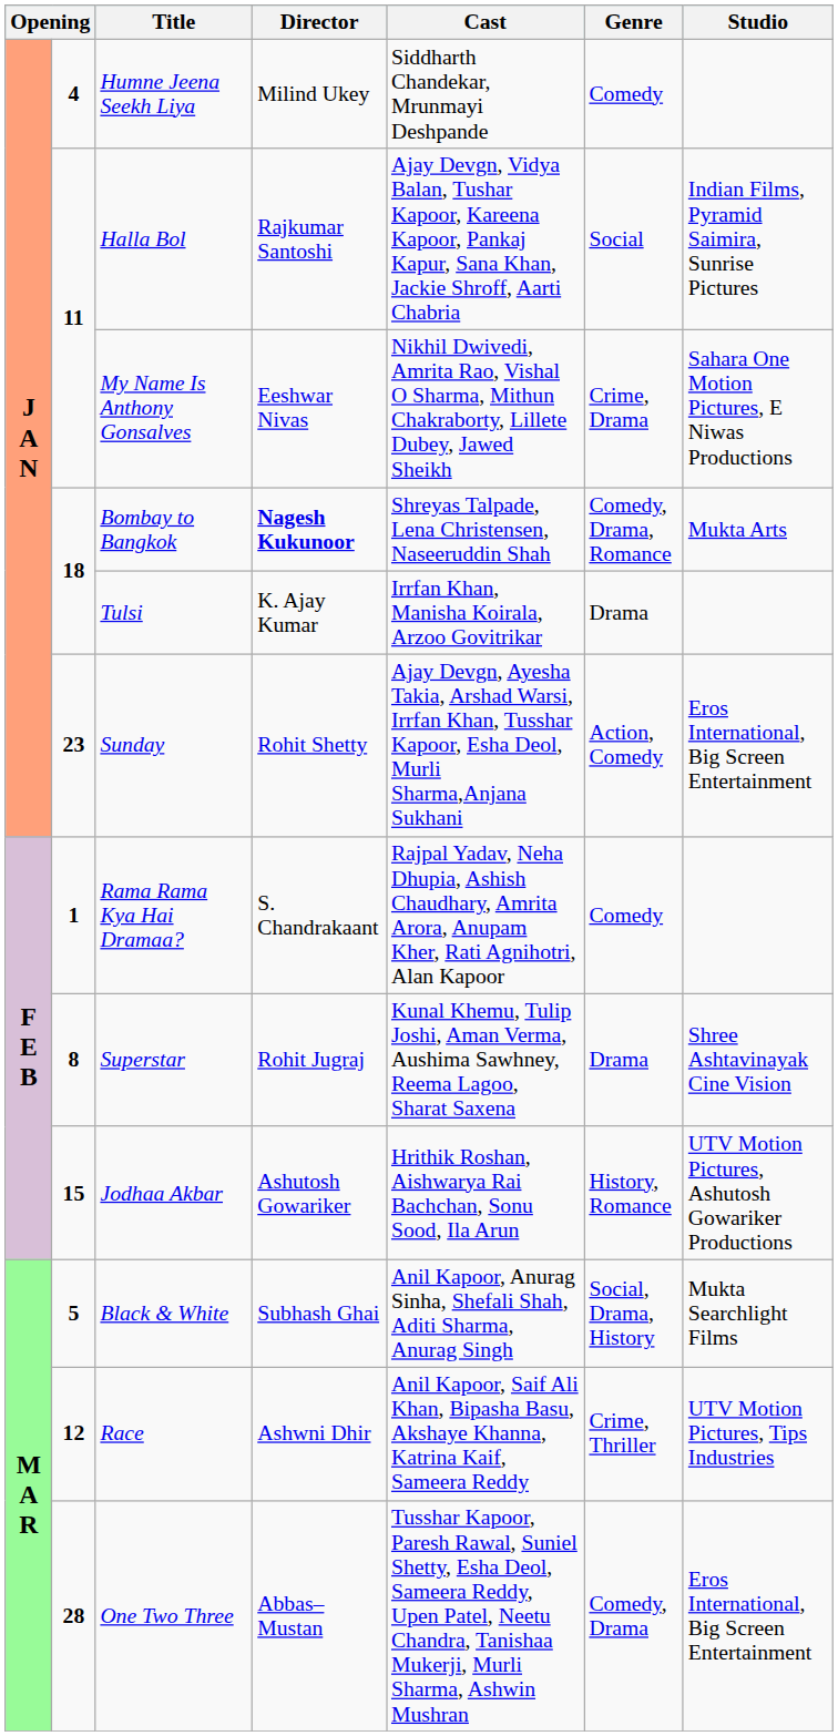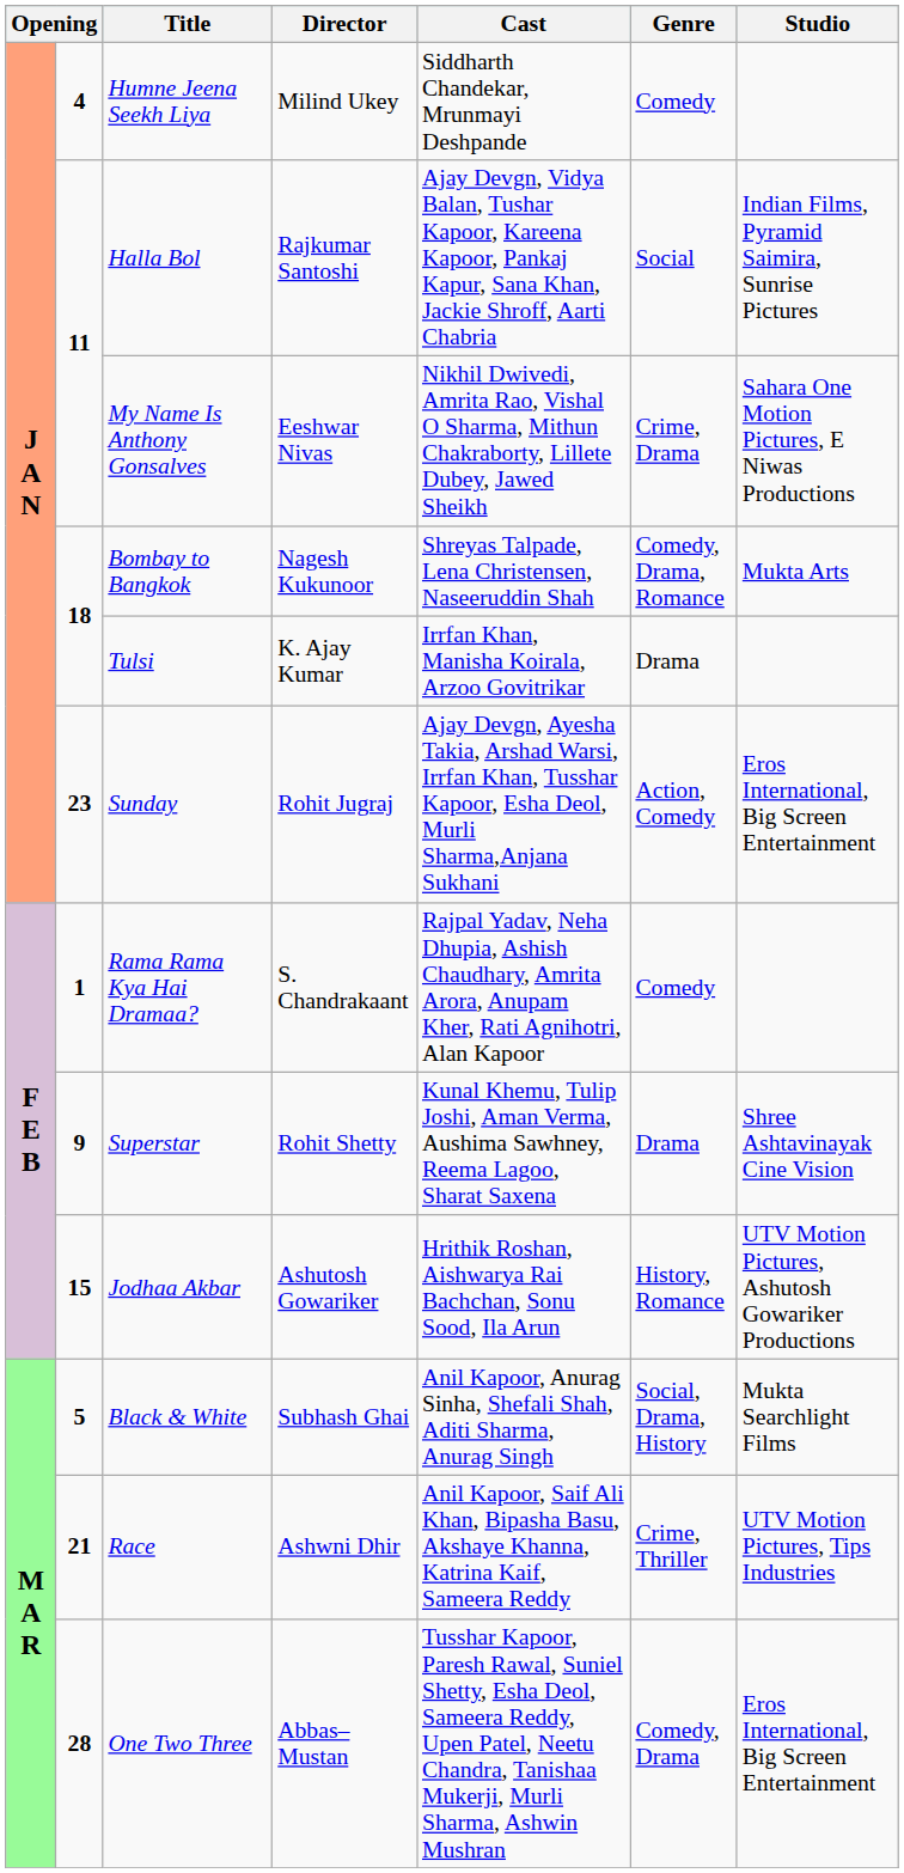 <table class="wikitable">
 <tr style="background:#b0e0e6; text-align:center;">
 <th colspan="2"><strong>Opening</strong></th>
 <th style="width:19%;"><strong>Title</strong></th>
 <th><strong>Director</strong></th>
 <th><strong>Cast</strong></th>
 <th><strong>Genre</strong></th>
 <th><strong>Studio</strong></th>
 </tr>
 <tr>
 <td rowspan="6"   style="text-align:center; background:#ffa07a; textcolor:#000;"><big><strong>J<br>A<br>N</strong></big></td>
 <td style="text-align:center;"><strong>4</strong></td>
 <td><em><a href='#'>Humne Jeena Seekh Liya</a></em></td>
 <td>Milind Ukey</td>
 <td>Siddharth Chandekar, Mrunmayi Deshpande</td>
 <td><a href='#'>Comedy</a></td>
 <td></td>
 </tr>
 <tr>
 <td rowspan="2" style="text-align:center;"><strong>11</strong></td>
 <td><em><a href='#'>Halla Bol</a></em></td>
 <td><a href='#'>Rajkumar Santoshi</a></td>
 <td><a href='#'>Ajay Devgn</a>, <a href='#'>Vidya Balan</a>, <a href='#'>Tushar Kapoor</a>, <a href='#'>Kareena Kapoor</a>, <a href='#'>Pankaj Kapur</a>, <a href='#'>Sana Khan</a>, <a href='#'>Jackie Shroff</a>, <a href='#'>Aarti Chabria</a></td>
 <td><a href='#'>Social</a></td>
 <td><a href='#'>Indian Films</a>, <a href='#'>Pyramid Saimira</a>, Sunrise Pictures</td>
 </tr>
 <tr>
 <td><em><a href='#'>My Name Is Anthony Gonsalves</a></em></td>
 <td><a href='#'>Eeshwar Nivas</a></td>
 <td><a href='#'>Nikhil Dwivedi</a>, <a href='#'>Amrita Rao</a>, <a href='#'>Vishal O Sharma</a>, <a href='#'>Mithun Chakraborty</a>, <a href='#'>Lillete Dubey</a>, <a href='#'>Jawed Sheikh</a></td>
 <td><a href='#'>Crime</a>, <a href='#'>Drama</a></td>
 <td><a href='#'>Sahara One Motion Pictures</a>, E Niwas Productions</td>
 </tr>
 <tr>
 <td rowspan="2" style="text-align:center;"><strong>18</strong></td>
 <td><em><a href='#'>Bombay to Bangkok</a></em></td>
-<td><strong><a href='#'>Nagesh Kukunoor</a></strong></td>
+<td><a href='#'>Nagesh Kukunoor</a></td>
 <td><a href='#'>Shreyas Talpade</a>, <a href='#'>Lena Christensen</a>, <a href='#'>Naseeruddin Shah</a></td>
 <td><a href='#'>Comedy</a>, <a href='#'>Drama</a>, <a href='#'>Romance</a></td>
 <td><a href='#'>Mukta Arts</a></td>
 </tr>
 <tr>
 <td><em><a href='#'>Tulsi</a></em></td>
 <td>K. Ajay Kumar</td>
 <td><a href='#'>Irrfan Khan</a>, <a href='#'>Manisha Koirala</a>, <a href='#'>Arzoo Govitrikar</a></td>
 <td>Drama</td>
 <td></td>
 </tr>
 <tr>
 <td style="text-align:center;"><strong>23</strong></td>
 <td><em><a href='#'>Sunday</a></em></td>
-<td><a href='#'>Rohit Shetty</a></td>
+<td><a href='#'>Rohit Jugraj</a></td>
 <td><a href='#'>Ajay Devgn</a>, <a href='#'>Ayesha Takia</a>, <a href='#'>Arshad Warsi</a>, <a href='#'>Irrfan Khan</a>, <a href='#'>Tusshar Kapoor</a>, <a href='#'>Esha Deol</a>, <a href='#'>Murli Sharma</a>,<a href='#'>Anjana Sukhani</a></td>
 <td><a href='#'>Action</a>, <a href='#'>Comedy</a></td>
 <td><a href='#'>Eros International</a>, Big Screen Entertainment</td>
 </tr>
 <tr>
 <td rowspan="3"   style="text-align:center; background:thistle; textcolor:#000;"><big><strong>F<br>E<br>B</strong></big></td>
 <td style="text-align:center;"><strong>1</strong></td>
 <td><em><a href='#'>Rama Rama Kya Hai Dramaa?</a></em></td>
 <td>S. Chandrakaant</td>
 <td><a href='#'>Rajpal Yadav</a>, <a href='#'>Neha Dhupia</a>, <a href='#'>Ashish Chaudhary</a>, <a href='#'>Amrita Arora</a>, <a href='#'>Anupam Kher</a>, <a href='#'>Rati Agnihotri</a>, Alan Kapoor</td>
 <td><a href='#'>Comedy</a></td>
 <td></td>
 </tr>
 <tr>
-<td style="text-align:center;"><strong>8</strong></td>
+<td style="text-align:center;"><strong>9</strong></td>
 <td><em><a href='#'>Superstar</a></em></td>
-<td><a href='#'>Rohit Jugraj</a></td>
+<td><a href='#'>Rohit Shetty</a></td>
 <td><a href='#'>Kunal Khemu</a>, <a href='#'>Tulip Joshi</a>, <a href='#'>Aman Verma</a>, Aushima Sawhney, <a href='#'>Reema Lagoo</a>, <a href='#'>Sharat Saxena</a></td>
 <td><a href='#'>Drama</a></td>
 <td><a href='#'>Shree Ashtavinayak Cine Vision</a></td>
 </tr>
 <tr>
 <td style="text-align:center;"><strong>15</strong></td>
 <td><em><a href='#'>Jodhaa Akbar</a></em></td>
 <td><a href='#'>Ashutosh Gowariker</a></td>
 <td><a href='#'>Hrithik Roshan</a>, <a href='#'>Aishwarya Rai Bachchan</a>, <a href='#'>Sonu Sood</a>, <a href='#'>Ila Arun</a></td>
 <td><a href='#'>History</a>, <a href='#'>Romance</a></td>
 <td><a href='#'>UTV Motion Pictures</a>, Ashutosh Gowariker Productions</td>
 </tr>
 <tr>
 <td rowspan="3"   style="text-align:center; background:#98fb98; textcolor:#000;"><big><strong>M<br>A<br>R</strong></big></td>
 <td style="text-align:center;"><strong>5</strong></td>
 <td><em><a href='#'>Black & White</a></em></td>
 <td><a href='#'>Subhash Ghai</a></td>
 <td><a href='#'>Anil Kapoor</a>, Anurag Sinha, <a href='#'>Shefali Shah</a>, <a href='#'>Aditi Sharma</a>, <a href='#'>Anurag Singh</a></td>
 <td><a href='#'>Social</a>, <a href='#'>Drama</a>, <a href='#'>History</a></td>
 <td>Mukta Searchlight Films</td>
 </tr>
 <tr>
-<td style="text-align:center;"><strong>12</strong></td>
+<td style="text-align:center;"><strong>21</strong></td>
 <td><em><a href='#'>Race</a></em></td>
 <td><a href='#'>Ashwni Dhir</a></td>
 <td><a href='#'>Anil Kapoor</a>, <a href='#'>Saif Ali Khan</a>, <a href='#'>Bipasha Basu</a>, <a href='#'>Akshaye Khanna</a>, <a href='#'>Katrina Kaif</a>, <a href='#'>Sameera Reddy</a></td>
 <td><a href='#'>Crime</a>, <a href='#'>Thriller</a></td>
 <td><a href='#'>UTV Motion Pictures</a>, <a href='#'>Tips Industries</a></td>
 </tr>
 <tr>
 <td style="text-align:center;"><strong>28</strong></td>
 <td><em><a href='#'>One Two Three</a></em></td>
 <td><a href='#'>Abbas–Mustan</a></td>
 <td><a href='#'>Tusshar Kapoor</a>, <a href='#'>Paresh Rawal</a>, <a href='#'>Suniel Shetty</a>, <a href='#'>Esha Deol</a>, <a href='#'>Sameera Reddy</a>, <a href='#'>Upen Patel</a>, <a href='#'>Neetu Chandra</a>, <a href='#'>Tanishaa Mukerji</a>, <a href='#'>Murli Sharma</a>, <a href='#'>Ashwin Mushran</a></td>
 <td><a href='#'>Comedy</a>, <a href='#'>Drama</a></td>
 <td><a href='#'>Eros International</a>, Big Screen Entertainment</td>
 </tr>
 </table>
